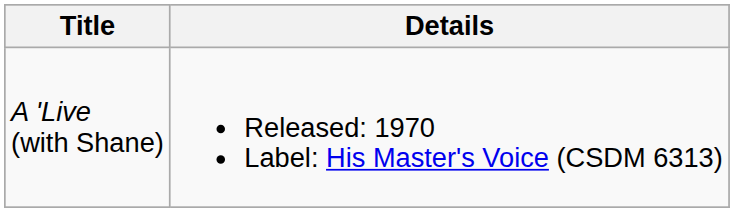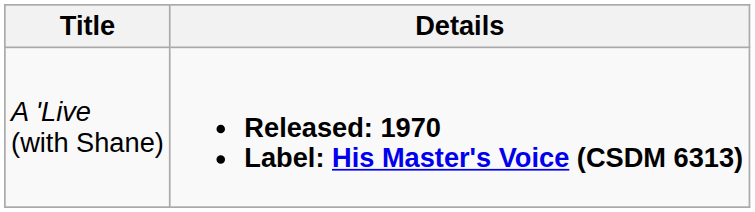 <table class="wikitable">
 <tr>
 <th align="center" valign="top">Title</th>
 <th align="center" valign="top">Details</th>
 </tr>
 <tr>
 <td><em>A 'Live</em> <br> (with Shane)</td>
-<td><br><ul><li>Released: 1970</li><li>Label: <a href='#'>His Master's Voice</a> (CSDM 6313)</li></ul></td>
+<td><strong><br><ul><li>Released: 1970</li><li>Label: <a href='#'>His Master's Voice</a> (CSDM 6313)</li></ul></strong></td>
 </tr>
 </table>
